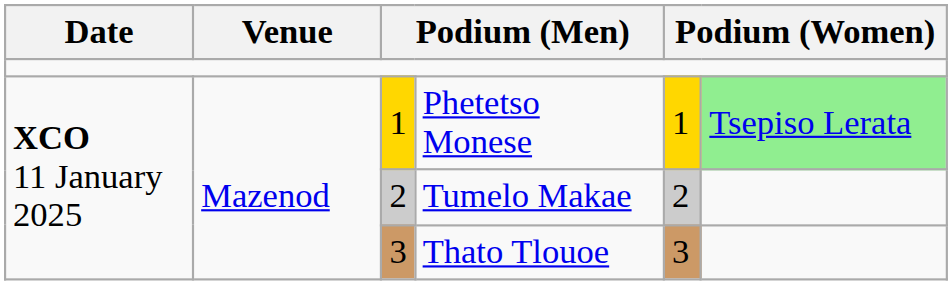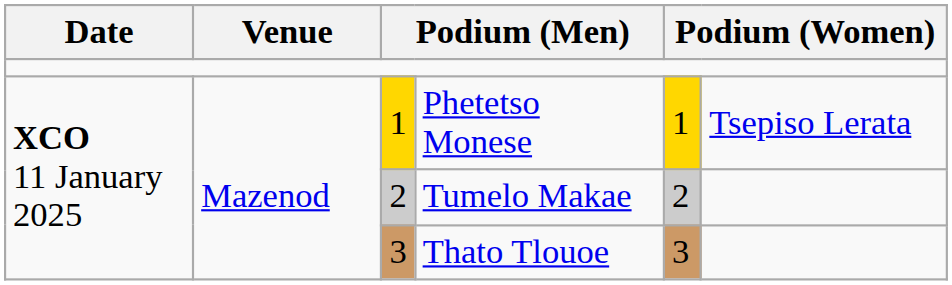 <table class="wikitable" width=70%>
 <tr>
 <th>Date</th>
 <th width=20%>Venue</th>
 <th colspan=2 width=30%>Podium (Men)</th>
 <th colspan=2 width=30%>Podium (Women)</th>
 </tr>
 <tr>
 <td colspan=6></td>
 </tr>
 <tr>
 <td rowspan=3><strong>XCO</strong> <br> 11 January 2025</td>
 <td rowspan=3><br><a href='#'>Mazenod</a></td>
 <td bgcolor=FFD700>1</td>
 <td><a href='#'>Phetetso Monese</a></td>
 <td bgcolor=FFD700>1</td>
-<td style="background: lightgreen;"><a href='#'>Tsepiso Lerata</a></td>
+<td><a href='#'>Tsepiso Lerata</a></td>
 </tr>
 <tr>
 <td bgcolor=CCCCCC>2</td>
 <td><a href='#'>Tumelo Makae</a></td>
 <td bgcolor=CCCCCC>2</td>
 <td></td>
 </tr>
 <tr>
 <td bgcolor=CC9966>3</td>
 <td><a href='#'>Thato Tlouoe</a></td>
 <td bgcolor=CC9966>3</td>
 <td></td>
 </tr>
 </table>
